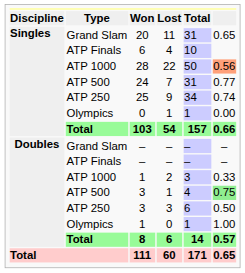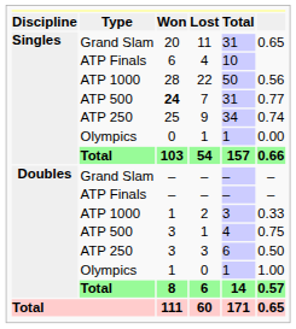 <table class="infobox vcard vevent nowrap">
 <tr bgcolor=FFFF99>
 <th colspan=6></th>
 </tr>
 <tr bgcolor=efefef>
 <th>Discipline</th>
 <th>Type</th>
 <th>Won</th>
 <th>Lost</th>
 <th>Total</th>
 <th></th>
 </tr>
 <tr bgcolor=efefef>
 <td rowspan="8"><strong>Singles</strong></td>
 </tr>
 <tr>
 <td>Grand Slam</td>
 <td align=center>20</td>
 <td align=center>11</td>
 <td style="background:#ccf; ">31</td>
 <td>0.65</td>
 </tr>
 <tr>
 <td>ATP Finals</td>
 <td align=center>6</td>
 <td align=center>4</td>
 <td style="background:#ccf; ">10</td>
 <td></td>
 </tr>
 <tr>
 <td>ATP 1000</td>
 <td align=center>28</td>
 <td align=center>22</td>
 <td style="background:#ccf; ">50</td>
-<td style="background: lightsalmon;">0.56</td>
+<td>0.56</td>
 </tr>
 <tr>
 <td>ATP 500</td>
-<td align=center>24</td>
+<td align=center><strong>24</strong></td>
 <td align="center">7</td>
 <td style="background:#ccf; ">31</td>
 <td>0.77</td>
 </tr>
 <tr>
 <td>ATP 250</td>
 <td align=center>25</td>
 <td align=center>9</td>
 <td style="background:#ccf; ">34</td>
 <td>0.74</td>
 </tr>
 <tr>
 <td>Olympics</td>
 <td align=center>0</td>
 <td align=center>1</td>
 <td style="background:#ccf; ">1</td>
 <td>0.00</td>
 </tr>
 <tr style="background:#98fb98;">
 <td><strong>Total</strong></td>
 <td align=center><strong>103</strong></td>
 <td align="center"><strong>54</strong></td>
 <td align=center><strong>157</strong></td>
 <td><strong>0.66</strong> </td>
 </tr>
 <tr bgcolor=efefef>
 <th rowspan="8">Doubles</th>
 </tr>
 <tr>
 <td>Grand Slam</td>
 <td align=center>–</td>
 <td align=center>–</td>
 <td style="background:#ccf;">–</td>
 <td align=center>–</td>
 </tr>
 <tr>
 <td>ATP Finals</td>
 <td align=center>–</td>
 <td align=center>–</td>
 <td style="background:#ccf;">–</td>
 <td align=center>–</td>
 </tr>
 <tr>
 <td>ATP 1000</td>
 <td align=center>1</td>
 <td align=center>2</td>
 <td style="background:#ccf;">3</td>
 <td>0.33</td>
 </tr>
 <tr>
 <td>ATP 500</td>
 <td align=center>3</td>
 <td align=center>1</td>
 <td style="background:#ccf;">4</td>
-<td style="background: lightgreen;">0.75</td>
+<td>0.75</td>
 </tr>
 <tr>
 <td>ATP 250</td>
 <td align=center>3</td>
 <td align=center>3</td>
 <td style="background:#ccf;">6</td>
 <td>0.50</td>
 </tr>
 <tr>
 <td>Olympics</td>
 <td align=center>1</td>
 <td align=center>0</td>
 <td style="background:#ccf;">1</td>
 <td>1.00</td>
 </tr>
 <tr style="background:#98fb98;">
 <td><strong>Total</strong></td>
 <td align=center><strong>8</strong></td>
 <td align=center><strong>6</strong></td>
 <td align=center><strong>14</strong></td>
 <td><strong>0.57</strong></td>
 </tr>
 <tr style="background:#fcc;">
 <td colspan=2><strong>Total</strong></td>
 <td align=center><strong>111</strong></td>
 <td align=center><strong>60</strong></td>
 <td align=center><strong>171</strong></td>
 <td><strong>0.65</strong></td>
 </tr>
 <tr>
 </tr>
 </table>
